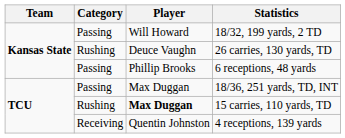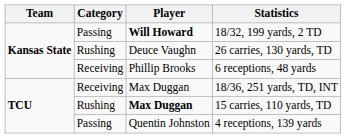 <table class="wikitable" style="float: right;">
 <tr>
 <th>Team</th>
 <th>Category</th>
 <th>Player</th>
 <th>Statistics</th>
 </tr>
 <tr>
 <td rowspan=3><strong>Kansas State</strong></td>
 <td>Passing</td>
-<td>Will Howard</td>
+<td><strong>Will Howard</strong></td>
 <td>18/32, 199 yards, 2 TD</td>
 </tr>
 <tr>
 <td>Rushing</td>
 <td>Deuce Vaughn</td>
 <td>26 carries, 130 yards, TD</td>
 </tr>
 <tr>
-<td>Passing</td>
+<td>Receiving</td>
 <td>Phillip Brooks</td>
 <td>6 receptions, 48 yards</td>
 </tr>
 <tr>
 <td rowspan=3><strong>TCU</strong></td>
-<td>Passing</td>
+<td>Receiving</td>
 <td>Max Duggan</td>
 <td>18/36, 251 yards, TD, INT</td>
 </tr>
 <tr>
 <td>Rushing</td>
 <td><strong>Max Duggan</strong></td>
 <td>15 carries, 110 yards, TD</td>
 </tr>
 <tr>
-<td>Receiving</td>
+<td>Passing</td>
 <td>Quentin Johnston</td>
 <td>4 receptions, 139 yards</td>
 </tr>
 </table>
